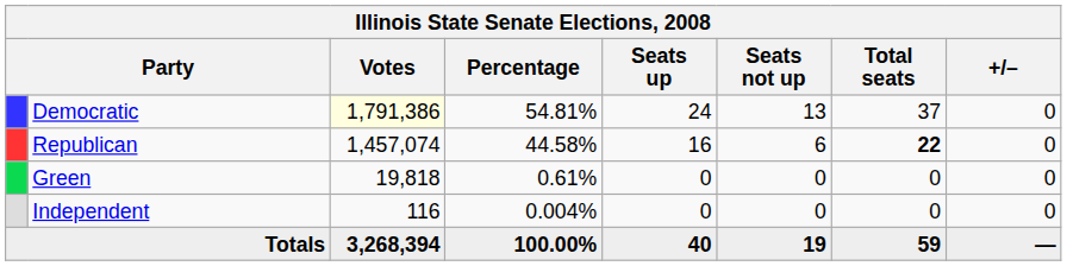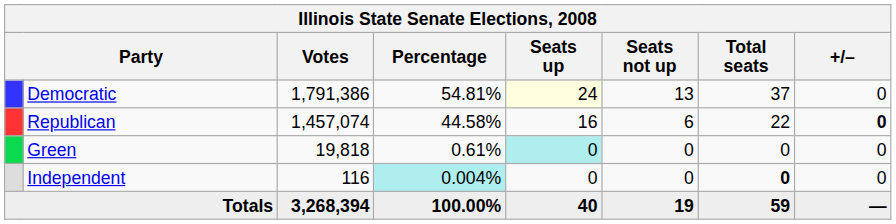 <table class="wikitable" style="font-size: 95%;">
 <tr style="background:#e9e9e9;">
 <th colspan="8">Illinois State Senate Elections, 2008</th>
 </tr>
 <tr style="background:#eee; text-align:center;">
 <th colspan=2 style="width: 15em">Party</th>
 <th style="width: 5em">Votes</th>
 <th style="width: 7em">Percentage</th>
 <th style="width: 5em">Seats<br>up</th>
 <th style="width: 5em">Seats<br>not up</th>
 <th style="width: 5em">Total<br>seats</th>
 <th style="width: 5em">+/–</th>
 </tr>
 <tr>
 <th style="background:#33f; width:3px;"></th>
 <td style="width: 130px"><a href='#'>Democratic</a></td>
-<td style="background: lightyellow; text-align:right;">1,791,386</td>
+<td style="text-align:right;">1,791,386</td>
 <td style="text-align:right;">54.81%</td>
-<td style="text-align:right;">24</td>
+<td style="background: lightyellow; text-align:right;">24</td>
 <td style="text-align:right;">13</td>
 <td style="text-align:right;">37</td>
 <td style="text-align:right;">0</td>
 </tr>
 <tr>
 <th style="background:#f33; width:3px;"></th>
 <td style="width: 130px"><a href='#'>Republican</a></td>
 <td style="text-align:right;">1,457,074</td>
 <td style="text-align:right;">44.58%</td>
 <td style="text-align:right;">16</td>
 <td style="text-align:right;">6</td>
-<td style="text-align:right;"><strong>22</strong></td>
-<td style="text-align:right;">0</td>
+<td style="text-align:right;">22</td>
+<td style="text-align:right;"><strong>0</strong></td>
 </tr>
 <tr>
 <th style="background:#0bda51; width:3px;"></th>
 <td style="width: 130px"><a href='#'>Green</a></td>
 <td style="text-align:right;">19,818</td>
 <td style="text-align:right;">0.61%</td>
-<td style="text-align:right;">0</td>
+<td style="background: paleturquoise; text-align:right;">0</td>
 <td style="text-align:right;">0</td>
 <td style="text-align:right;">0</td>
 <td style="text-align:right;">0</td>
 </tr>
 <tr>
 <th style="background:#ddd; width:3px;"></th>
 <td style="width: 130px"><a href='#'>Independent</a></td>
 <td style="text-align:right;">116</td>
-<td style="text-align:right;">0.004%</td>
+<td style="background: paleturquoise; text-align:right;">0.004%</td>
 <td style="text-align:right;">0</td>
 <td style="text-align:right;">0</td>
-<td style="text-align:right;">0</td>
+<td style="text-align:right;"><strong>0</strong></td>
 <td style="text-align:right;">0</td>
 </tr>
 <tr style="background:#eee; text-align:right;">
 <td colspan="2"><strong>Totals</strong></td>
 <td><strong>3,268,394</strong></td>
 <td><strong>100.00%</strong></td>
 <td><strong>40</strong></td>
 <td><strong>19</strong></td>
 <td><strong>59</strong></td>
 <td><strong>—</strong></td>
 </tr>
 </table>
